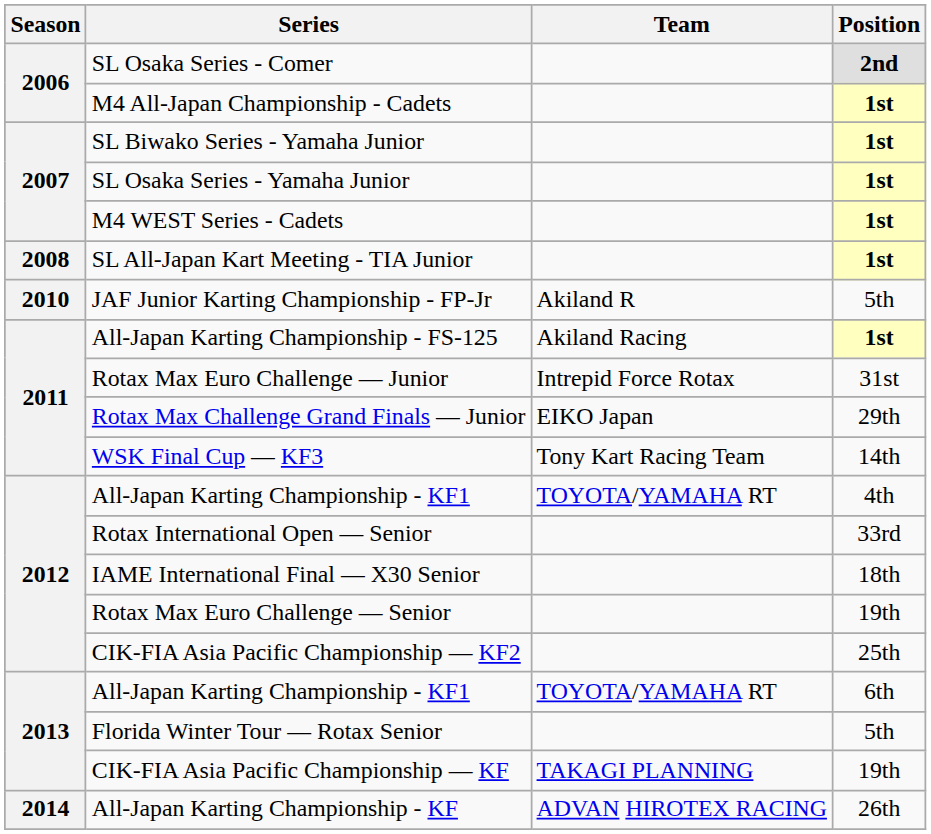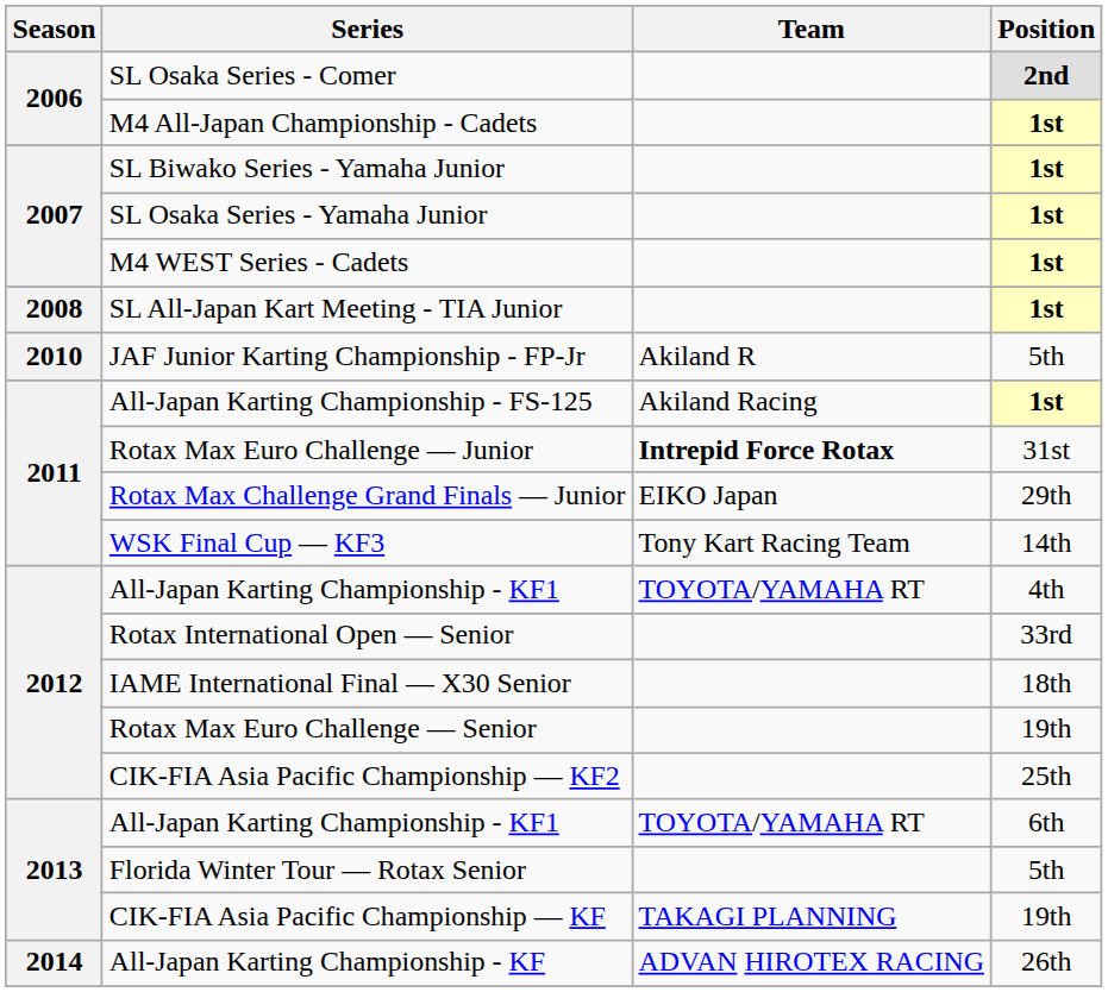 <table class="wikitable" style="font-size: 85%; text-align:center">
 <tr>
 <th>Season</th>
 <th>Series</th>
 <th>Team</th>
 <th>Position</th>
 </tr>
 <tr>
 <th rowspan="2">2006</th>
 <td align="left">SL Osaka Series - Comer</td>
 <td></td>
 <td style="background:#DFDFDF;"><strong>2nd</strong></td>
 </tr>
 <tr>
 <td align="left">M4 All-Japan Championship - Cadets</td>
 <td></td>
 <td style="background:#FFFFBF;"><strong>1st</strong></td>
 </tr>
 <tr>
 <th rowspan="3">2007</th>
 <td align="left">SL Biwako Series - Yamaha Junior</td>
 <td></td>
 <td style="background:#FFFFBF;"><strong>1st</strong></td>
 </tr>
 <tr>
 <td align="left">SL Osaka Series - Yamaha Junior</td>
 <td></td>
 <td style="background:#FFFFBF;"><strong>1st</strong></td>
 </tr>
 <tr>
 <td align="left">M4 WEST Series - Cadets</td>
 <td></td>
 <td style="background:#FFFFBF;"><strong>1st</strong></td>
 </tr>
 <tr>
 <th>2008</th>
 <td align="left">SL All-Japan Kart Meeting - TIA Junior</td>
 <td></td>
 <td style="background:#FFFFBF;"><strong>1st</strong></td>
 </tr>
 <tr>
 <th>2010</th>
 <td align="left">JAF Junior Karting Championship - FP-Jr</td>
 <td align="left">Akiland R</td>
 <td>5th</td>
 </tr>
 <tr>
 <th rowspan="4">2011</th>
 <td align="left">All-Japan Karting Championship - FS-125</td>
 <td align="left">Akiland Racing</td>
 <td style="background:#FFFFBF;"><strong>1st</strong></td>
 </tr>
 <tr>
 <td align="left">Rotax Max Euro Challenge — Junior</td>
-<td align="left">Intrepid Force Rotax</td>
+<td align="left"><strong>Intrepid Force Rotax</strong></td>
 <td>31st</td>
 </tr>
 <tr>
 <td align="left"><a href='#'>Rotax Max Challenge Grand Finals</a> — Junior</td>
 <td align="left">EIKO Japan</td>
 <td>29th</td>
 </tr>
 <tr>
 <td align="left"><a href='#'>WSK Final Cup</a> — <a href='#'>KF3</a></td>
 <td align="left">Tony Kart Racing Team</td>
 <td>14th</td>
 </tr>
 <tr>
 <th rowspan="5">2012</th>
 <td align="left">All-Japan Karting Championship - <a href='#'>KF1</a></td>
 <td align="left"><a href='#'>TOYOTA</a>/<a href='#'>YAMAHA</a> RT</td>
 <td>4th</td>
 </tr>
 <tr>
 <td align="left">Rotax International Open — Senior</td>
 <td align="left"></td>
 <td>33rd</td>
 </tr>
 <tr>
 <td align="left">IAME International Final — X30 Senior</td>
 <td align="left"></td>
 <td>18th</td>
 </tr>
 <tr>
 <td align="left">Rotax Max Euro Challenge — Senior</td>
 <td align="left"></td>
 <td>19th</td>
 </tr>
 <tr>
 <td align="left">CIK-FIA Asia Pacific Championship — <a href='#'>KF2</a></td>
 <td align="left"></td>
 <td>25th</td>
 </tr>
 <tr>
 <th rowspan="3">2013</th>
 <td align="left">All-Japan Karting Championship - <a href='#'>KF1</a></td>
 <td align="left"><a href='#'>TOYOTA</a>/<a href='#'>YAMAHA</a> RT</td>
 <td>6th</td>
 </tr>
 <tr>
 <td align="left">Florida Winter Tour — Rotax Senior</td>
 <td align="left"></td>
 <td>5th</td>
 </tr>
 <tr>
 <td align="left">CIK-FIA Asia Pacific Championship — <a href='#'>KF</a></td>
 <td align="left"><a href='#'>TAKAGI PLANNING</a></td>
 <td>19th</td>
 </tr>
 <tr>
 <th>2014</th>
 <td align="left">All-Japan Karting Championship - <a href='#'>KF</a></td>
 <td align="left"><a href='#'>ADVAN</a> <a href='#'>HIROTEX RACING</a></td>
 <td>26th</td>
 </tr>
 </table>
